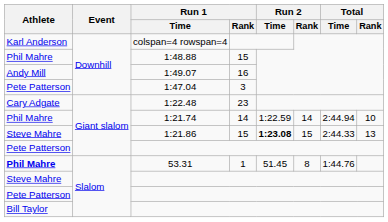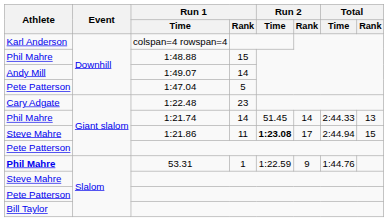 <table class=wikitable style=font-size:90%;text-align:center>
 <tr>
 <th rowspan=2>Athlete</th>
 <th rowspan=2>Event</th>
 <th colspan=2>Run 1</th>
 <th colspan=2>Run 2</th>
 <th colspan=2>Total</th>
 </tr>
 <tr style=font-size:95%>
 <th>Time</th>
 <th>Rank</th>
 <th>Time</th>
 <th>Rank</th>
 <th>Time</th>
 <th>Rank</th>
 </tr>
 <tr>
 <td align=left><a href='#'>Karl Anderson</a></td>
 <td align=left rowspan=4><a href='#'>Downhill</a></td>
 <td>colspan=4 rowspan=4 </td>
 <td colspan=2></td>
 </tr>
 <tr>
 <td align=left><a href='#'>Phil Mahre</a></td>
 <td>1:48.88</td>
 <td>15</td>
 </tr>
 <tr>
 <td align=left><a href='#'>Andy Mill</a></td>
 <td>1:49.07</td>
-<td>16</td>
+<td>14</td>
 </tr>
 <tr>
 <td align=left><a href='#'>Pete Patterson</a></td>
 <td>1:47.04</td>
-<td>3</td>
+<td>5</td>
 </tr>
 <tr>
 <td align=left><a href='#'>Cary Adgate</a></td>
 <td align=left rowspan=4><a href='#'>Giant slalom</a></td>
 <td>1:22.48</td>
 <td>23</td>
 <td colspan=4></td>
 </tr>
 <tr>
 <td align=left><a href='#'>Phil Mahre</a></td>
 <td>1:21.74</td>
 <td>14</td>
-<td>1:22.59</td>
+<td>51.45</td>
 <td>14</td>
-<td>2:44.94</td>
-<td>10</td>
+<td>2:44.33</td>
+<td>13</td>
 </tr>
 <tr>
 <td align=left><a href='#'>Steve Mahre</a></td>
 <td>1:21.86</td>
+<td>11</td>
+<td><strong>1:23.08</strong></td>
+<td>17</td>
+<td>2:44.94</td>
 <td>15</td>
-<td><strong>1:23.08</strong></td>
-<td>15</td>
-<td>2:44.33</td>
-<td>13</td>
 </tr>
 <tr>
 <td align=left><a href='#'>Pete Patterson</a></td>
 <td colspan=6></td>
 </tr>
 <tr>
 <td align=left><strong><a href='#'>Phil Mahre</a></strong></td>
 <td align=left rowspan=4><a href='#'>Slalom</a></td>
 <td>53.31</td>
 <td>1</td>
-<td>51.45</td>
-<td>8</td>
+<td>1:22.59</td>
+<td>9</td>
 <td>1:44.76</td>
 <td></td>
 </tr>
 <tr>
 <td align=left><a href='#'>Steve Mahre</a></td>
 <td colspan=6></td>
 </tr>
 <tr>
 <td align=left><a href='#'>Pete Patterson</a></td>
 <td colspan=6></td>
 </tr>
 <tr>
 <td align=left><a href='#'>Bill Taylor</a></td>
 <td colspan=6></td>
 </tr>
 </table>
